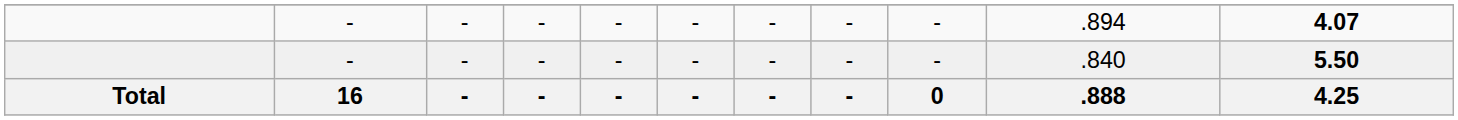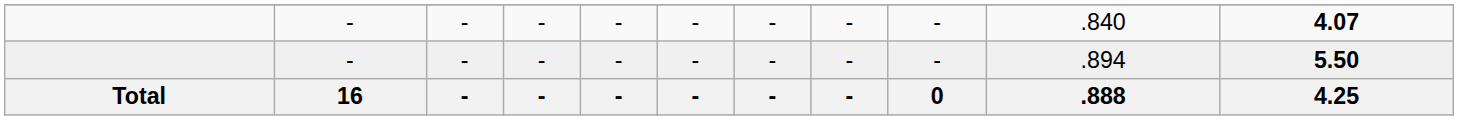 <table class="wikitable sortable" width ="1000">
 <tr align="center">
 </tr>
 <tr align="center" bgcolor="">
 <td></td>
 <td>-</td>
 <td>-</td>
 <td>-</td>
 <td>-</td>
 <td>-</td>
 <td>-</td>
 <td>-</td>
 <td>-</td>
-<td>.894</td>
+<td>.840</td>
 <td><strong>4.07</strong></td>
 </tr>
 <tr align="center" bgcolor="f0f0f0">
 <td></td>
 <td>-</td>
 <td>-</td>
 <td>-</td>
 <td>-</td>
 <td>-</td>
 <td>-</td>
 <td>-</td>
 <td>-</td>
-<td>.840</td>
+<td>.894</td>
 <td><strong>5.50</strong></td>
 </tr>
 <tr>
 <th>Total</th>
 <th>16</th>
 <th>-</th>
 <th>-</th>
 <th>-</th>
 <th>-</th>
 <th>-</th>
 <th>-</th>
 <th>0</th>
 <th>.888</th>
 <th>4.25</th>
 </tr>
 </table>
